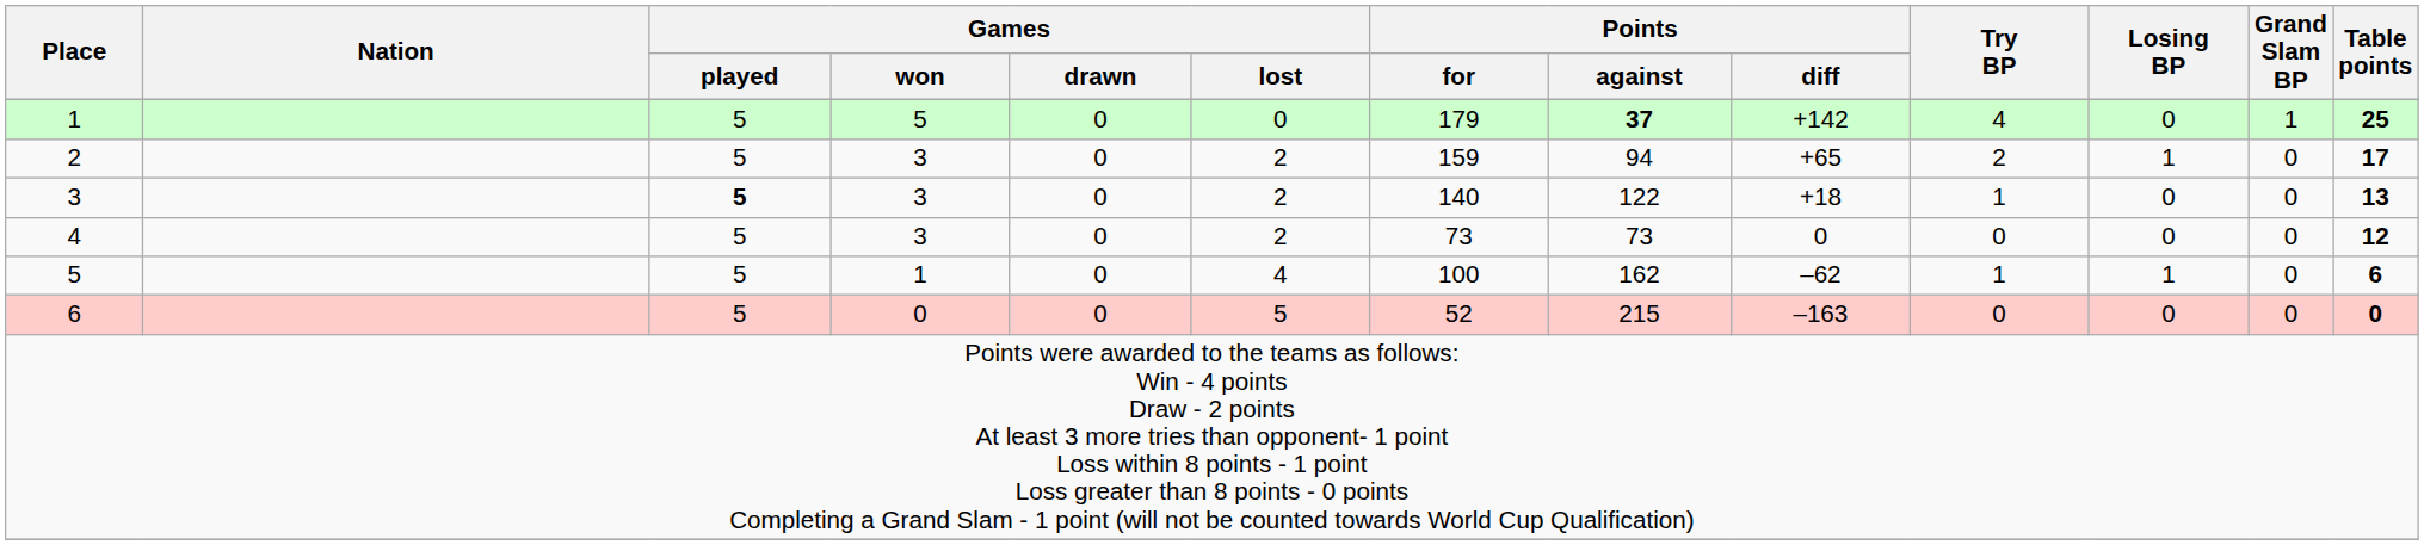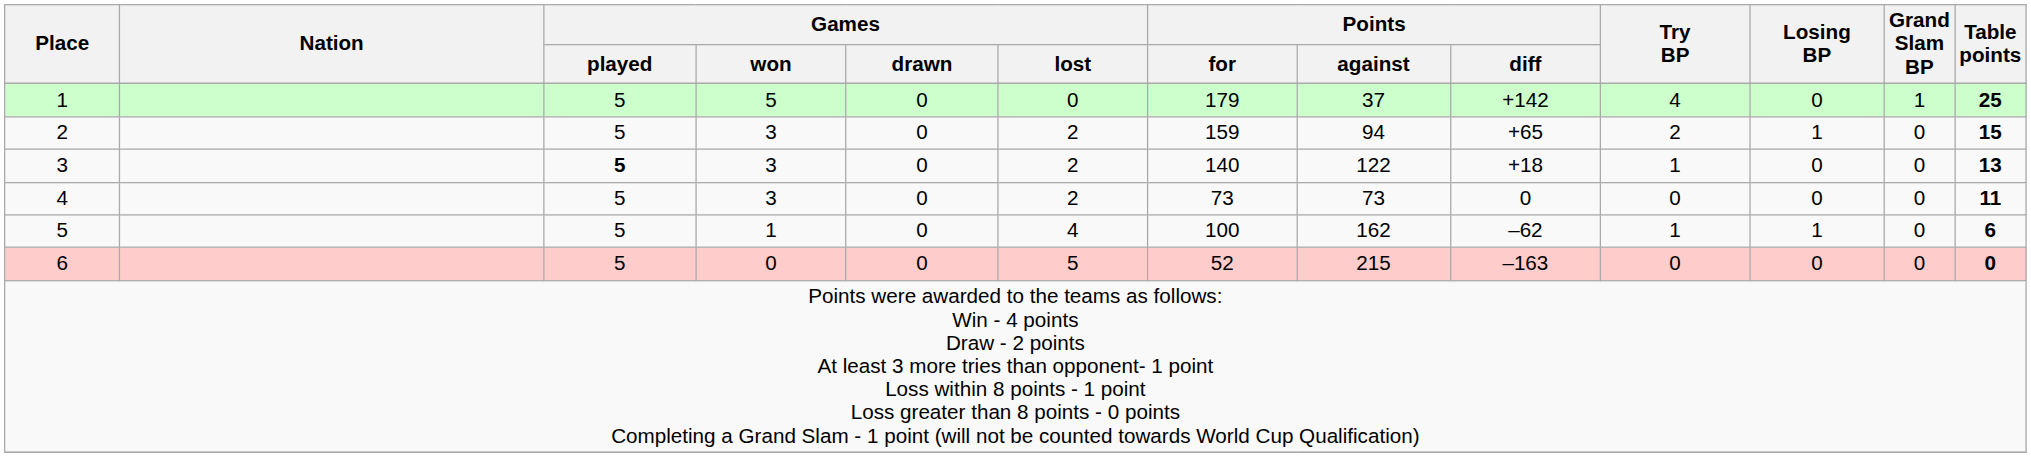 <table class="wikitable">
 <tr>
 <th rowspan=2 width="6%">Place</th>
 <th rowspan=2 width="23%">Nation</th>
 <th colspan=4 width="40%">Games</th>
 <th colspan=3 width="24%">Points</th>
 <th rowspan=2 width="8%">Try<br>BP</th>
 <th rowspan=2 width="8%">Losing<br>BP</th>
 <th rowspan=2 width="8%">Grand Slam<br>BP</th>
 <th rowspan=2 width="10%">Table<br>points</th>
 </tr>
 <tr>
 <th width="8%">played</th>
 <th width="8%">won</th>
 <th width="8%">drawn</th>
 <th width="8%">lost</th>
 <th width="8%">for</th>
 <th width="8%">against</th>
 <th width="8%">diff</th>
 </tr>
 <tr>
 </tr>
 <tr align=center bgcolor=ccffcc>
 <td>1</td>
 <td align=left></td>
 <td>5</td>
 <td>5</td>
 <td>0</td>
 <td>0</td>
 <td>179</td>
-<td><strong>37</strong></td>
+<td>37</td>
 <td>+142</td>
 <td>4</td>
 <td>0</td>
 <td>1</td>
 <td><strong>25</strong></td>
 </tr>
 <tr align=center>
 <td>2</td>
 <td align=left></td>
 <td>5</td>
 <td>3</td>
 <td>0</td>
 <td>2</td>
 <td>159</td>
 <td>94</td>
 <td>+65</td>
 <td>2</td>
 <td>1</td>
 <td>0</td>
-<td><strong>17</strong></td>
+<td><strong>15</strong></td>
 </tr>
 <tr align=center>
 <td>3</td>
 <td align=left></td>
 <td><strong>5</strong></td>
 <td>3</td>
 <td>0</td>
 <td>2</td>
 <td>140</td>
 <td>122</td>
 <td>+18</td>
 <td>1</td>
 <td>0</td>
 <td>0</td>
 <td><strong>13</strong></td>
 </tr>
 <tr align=center>
 <td>4</td>
 <td align=left></td>
 <td>5</td>
 <td>3</td>
 <td>0</td>
 <td>2</td>
 <td>73</td>
 <td>73</td>
 <td>0</td>
 <td>0</td>
 <td>0</td>
 <td>0</td>
-<td><strong>12</strong></td>
+<td><strong>11</strong></td>
 </tr>
 <tr align=center>
 <td>5</td>
 <td align=left></td>
 <td>5</td>
 <td>1</td>
 <td>0</td>
 <td>4</td>
 <td>100</td>
 <td>162</td>
 <td>–62</td>
 <td>1</td>
 <td>1</td>
 <td>0</td>
 <td><strong>6</strong></td>
 </tr>
 <tr align=center bgcolor="#ffcccc">
 <td>6</td>
 <td align=left></td>
 <td>5</td>
 <td>0</td>
 <td>0</td>
 <td>5</td>
 <td>52</td>
 <td>215</td>
 <td>–163</td>
 <td>0</td>
 <td>0</td>
 <td>0</td>
 <td><strong>0</strong></td>
 </tr>
 <tr>
 <td colspan="100%" style="text-align:center;">Points were awarded to the teams as follows:<br>Win - 4 points<br>Draw - 2 points<br> At least 3 more tries than opponent- 1 point<br> Loss within 8 points - 1 point<br>Loss greater than 8 points - 0 points<br>Completing a Grand Slam - 1 point (will not be counted towards World Cup Qualification)</td>
 </tr>
 <tr>
 </tr>
 </table>
